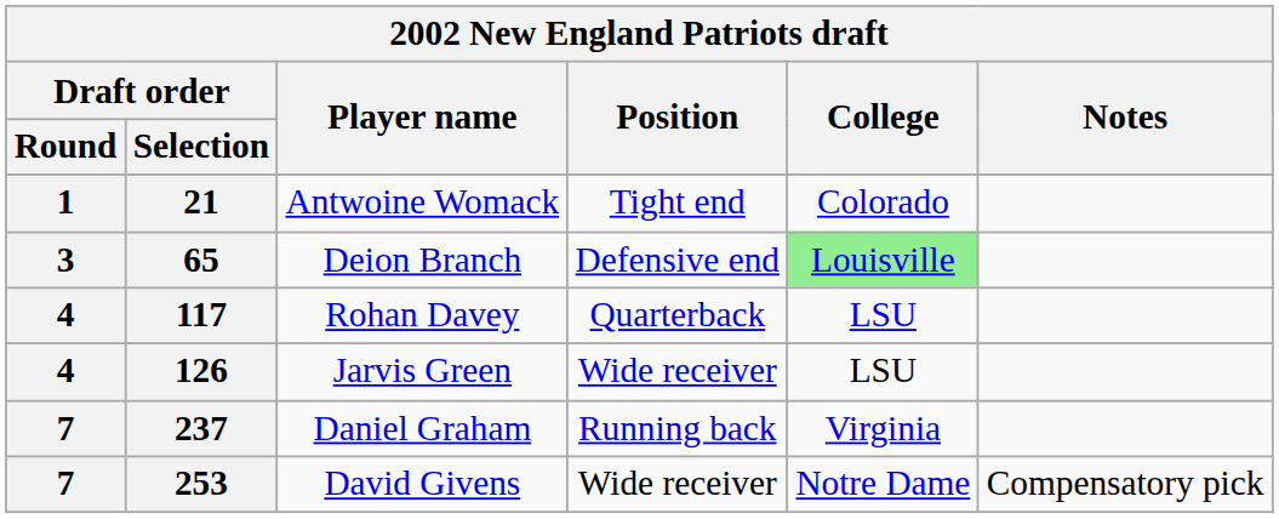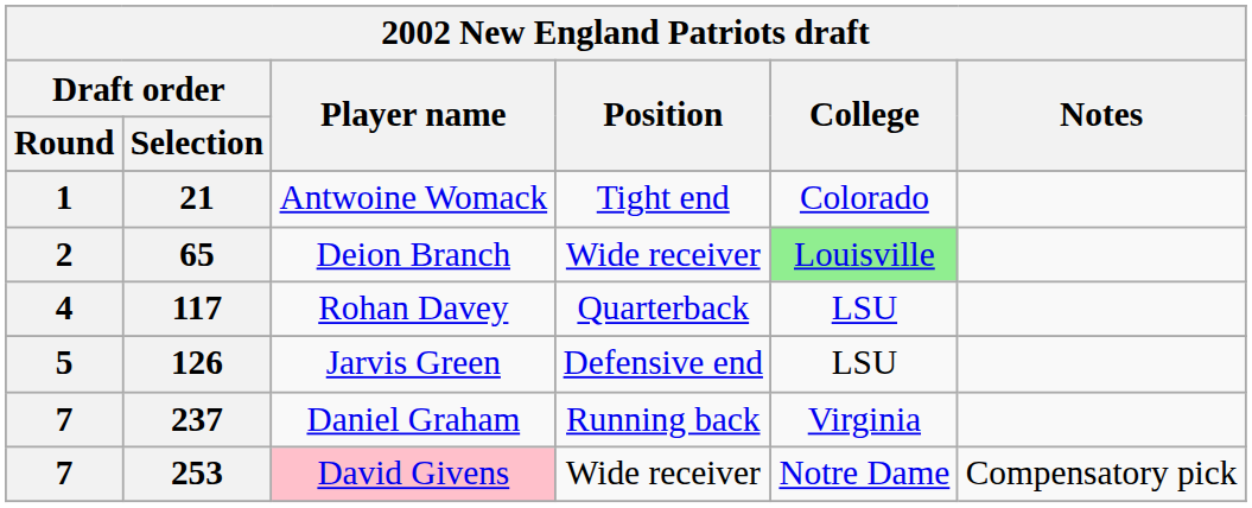 <table class="wikitable" style="text-align:center">
 <tr>
 <th colspan="6">2002 New England Patriots draft</th>
 </tr>
 <tr>
 <th colspan="2">Draft order</th>
 <th rowspan="2">Player name</th>
 <th rowspan="2">Position</th>
 <th rowspan="2">College</th>
 <th rowspan="2">Notes</th>
 </tr>
 <tr>
 <th>Round</th>
 <th>Selection</th>
 </tr>
 <tr>
 <th>1</th>
 <th>21</th>
 <td><a href='#'>Antwoine Womack</a></td>
 <td><a href='#'>Tight end</a></td>
 <td><a href='#'>Colorado</a></td>
 <td></td>
 </tr>
 <tr>
-<th>3</th>
+<th>2</th>
 <th>65</th>
 <td><a href='#'>Deion Branch</a></td>
-<td><a href='#'>Defensive end</a></td>
+<td><a href='#'>Wide receiver</a></td>
 <td style="background: lightgreen;"><a href='#'>Louisville</a></td>
 <td></td>
 </tr>
 <tr>
 <th>4</th>
 <th>117</th>
 <td><a href='#'>Rohan Davey</a></td>
 <td><a href='#'>Quarterback</a></td>
 <td><a href='#'>LSU</a></td>
 <td></td>
 </tr>
 <tr>
-<th>4</th>
+<th>5</th>
 <th>126</th>
 <td><a href='#'>Jarvis Green</a></td>
-<td><a href='#'>Wide receiver</a></td>
+<td><a href='#'>Defensive end</a></td>
 <td>LSU</td>
 <td></td>
 </tr>
 <tr>
 <th>7</th>
 <th>237</th>
 <td><a href='#'>Daniel Graham</a></td>
 <td><a href='#'>Running back</a></td>
 <td><a href='#'>Virginia</a></td>
 <td></td>
 </tr>
 <tr>
 <th>7</th>
 <th>253</th>
-<td><a href='#'>David Givens</a></td>
+<td style="background: pink;"><a href='#'>David Givens</a></td>
 <td>Wide receiver</td>
 <td><a href='#'>Notre Dame</a></td>
 <td>Compensatory pick</td>
 </tr>
 </table>
